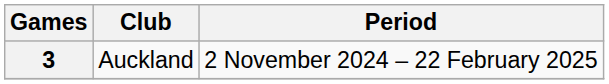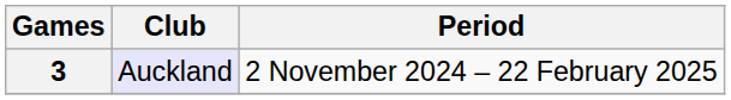 <table class="wikitable" style="text-align:center">
 <tr>
 <th>Games</th>
 <th>Club</th>
 <th>Period</th>
 </tr>
 <tr>
 <th>3</th>
-<td>Auckland</td>
+<td style="background: lavender;">Auckland</td>
 <td>2 November 2024 – 22 February 2025</td>
 </tr>
 <tr>
 </tr>
 </table>
